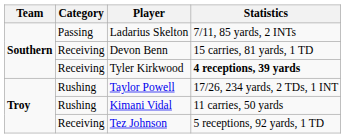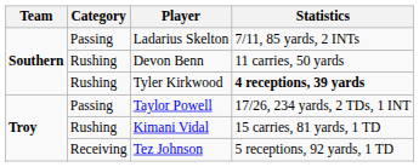 <table class="wikitable" style="float: left;">
 <tr>
 <th>Team</th>
 <th>Category</th>
 <th>Player</th>
 <th>Statistics</th>
 </tr>
 <tr>
 <td rowspan=3><strong>Southern</strong></td>
 <td>Passing</td>
 <td>Ladarius Skelton</td>
 <td>7/11, 85 yards, 2 INTs</td>
 </tr>
 <tr>
-<td>Receiving</td>
+<td>Rushing</td>
 <td>Devon Benn</td>
-<td>15 carries, 81 yards, 1 TD</td>
+<td>11 carries, 50 yards</td>
 </tr>
 <tr>
-<td>Receiving</td>
+<td>Rushing</td>
 <td>Tyler Kirkwood</td>
 <td><strong>4 receptions, 39 yards</strong></td>
 </tr>
 <tr>
 <td rowspan=3><strong>Troy</strong></td>
-<td>Rushing</td>
+<td>Passing</td>
 <td><a href='#'>Taylor Powell</a></td>
 <td>17/26, 234 yards, 2 TDs, 1 INT</td>
 </tr>
 <tr>
 <td>Rushing</td>
 <td><a href='#'>Kimani Vidal</a></td>
-<td>11 carries, 50 yards</td>
+<td>15 carries, 81 yards, 1 TD</td>
 </tr>
 <tr>
 <td>Receiving</td>
 <td><a href='#'>Tez Johnson</a></td>
 <td>5 receptions, 92 yards, 1 TD</td>
 </tr>
 </table>
